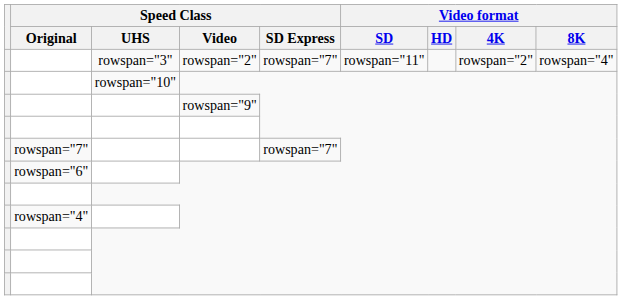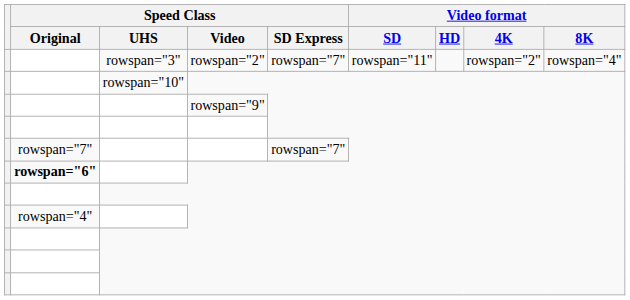 <table class="wikitable" style="text-align: center;">
 <tr>
 <th scope="col" rowspan="2"></th>
 <th scope="colgroup" colspan="4">Speed Class</th>
 <th scope="colgroup" colspan="4"><a href='#'>Video format</a></th>
 </tr>
 <tr>
 <th scope="col">Original</th>
 <th scope="col">UHS</th>
 <th scope="col">Video</th>
 <th scope="col">SD Express</th>
 <th scope="col"><a href='#'>SD</a></th>
 <th scope="col"><a href='#'>HD</a></th>
 <th scope="col"><a href='#'>4K</a></th>
 <th scope="col"><a href='#'>8K</a></th>
 </tr>
 <tr>
 <th scope="row"></th>
 <td style="background:white"><br></td>
 <td>rowspan="3" </td>
 <td>rowspan="2" </td>
 <td>rowspan="7" </td>
 <td>rowspan="11" </td>
 <td></td>
 <td>rowspan="2" </td>
 <td>rowspan="4" </td>
 </tr>
 <tr>
 <th scope="row"></th>
 <td style="background:white"><br></td>
 <td>rowspan="10" </td>
 </tr>
 <tr>
 <th scope="row"></th>
 <td style="background:white"><br></td>
 <td style="background:white"><br></td>
 <td>rowspan="9" </td>
 </tr>
 <tr>
 <th scope="row"></th>
 <td style="background:white"><br></td>
 <td style="background:white"><br></td>
 <td style="background:white"><br></td>
 </tr>
 <tr>
 <th scope="row"></th>
 <td>rowspan="7" </td>
 <td style="background:white"><br></td>
 <td style="background:white"><br></td>
 <td>rowspan="7" </td>
 </tr>
 <tr>
 <th scope="row"></th>
-<td>rowspan="6" </td>
+<td><strong>rowspan="6" </strong></td>
 <td style="background:white"><br></td>
 </tr>
 <tr>
 <th scope="row"></th>
 <td style="background:white"><br></td>
 </tr>
 <tr>
 <th scope="row"></th>
 <td>rowspan="4" </td>
 <td style="background:white"><br></td>
 </tr>
 <tr>
 <th scope="row"></th>
 <td style="background:white"><br></td>
 </tr>
 <tr>
 <th scope="row"></th>
 <td style="background:white"><br></td>
 </tr>
 <tr>
 <th scope="row"></th>
 <td style="background:white"><br></td>
 </tr>
 </table>
